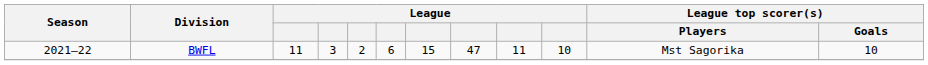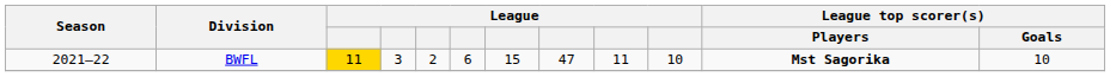 <table class="wikitable sortable" style="text-align: center; font-size: 95%; width: 1000px"">
 <tr>
 <th rowspan="2">Season</th>
 <th rowspan="2"><strong>Division</strong></th>
 <th colspan="8">League</th>
 <th colspan="2">League top scorer(s)</th>
 </tr>
 <tr>
 <th></th>
 <th></th>
 <th></th>
 <th></th>
 <th></th>
 <th></th>
 <th></th>
 <th></th>
 <th>Players</th>
 <th>Goals</th>
 </tr>
 <tr>
 <td>2021–22</td>
 <td><a href='#'>BWFL</a></td>
-<td>11</td>
+<td style="background: gold;">11</td>
 <td>3</td>
 <td>2</td>
 <td>6</td>
 <td>15</td>
 <td>47</td>
 <td>11</td>
 <td>10</td>
-<td> Mst Sagorika</td>
+<td><strong> Mst Sagorika</strong></td>
 <td>10</td>
 </tr>
 <tr>
 </tr>
 </table>
